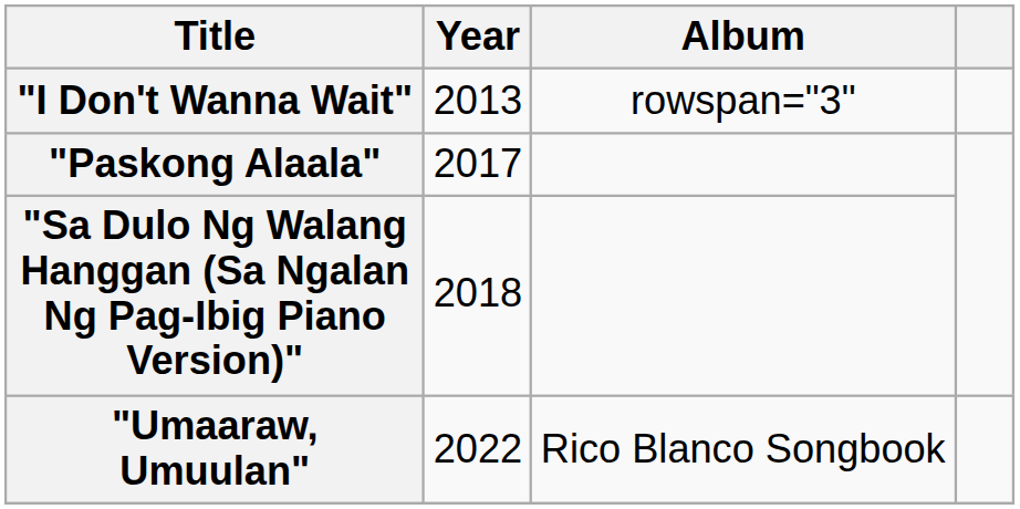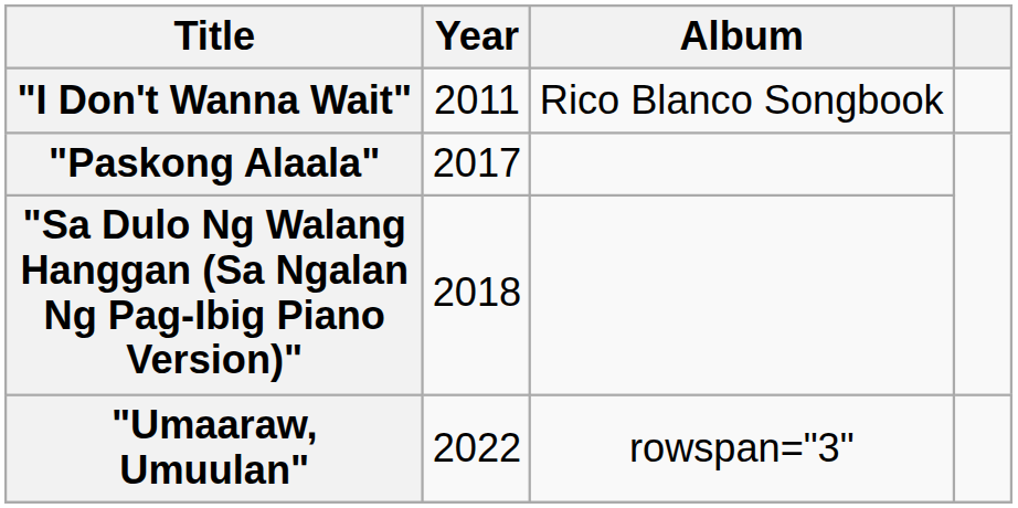 <table class="wikitable plainrowheaders" style="text-align:center;">
 <tr>
 <th scope="col" rowspan="1" style="width:10em;">Title</th>
 <th scope="col" rowspan="1">Year</th>
 <th scope="col" rowspan="1">Album</th>
 <th scope="col" class="unsortable" style="width:1em;"></th>
 </tr>
 <tr>
 <th scope="row">"I Don't Wanna Wait" </th>
-<td>2013</td>
-<td>rowspan="3" </td>
+<td>2011</td>
+<td>Rico Blanco Songbook</td>
 <td></td>
 </tr>
 <tr>
 <th scope="row">"Paskong Alaala"</th>
 <td>2017</td>
 <td></td>
 </tr>
 <tr>
 <th scope="row">"Sa Dulo Ng Walang Hanggan (Sa Ngalan Ng Pag-Ibig Piano Version)"</th>
 <td>2018</td>
 <td></td>
 </tr>
 <tr>
 <th scope="row">"Umaaraw, Umuulan" </th>
 <td>2022</td>
-<td>Rico Blanco Songbook</td>
+<td>rowspan="3" </td>
 <td></td>
 </tr>
 <tr>
 </tr>
 </table>
